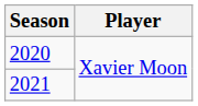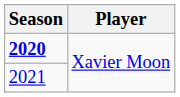 <table class="wikitable">
 <tr>
 <th>Season</th>
 <th>Player</th>
 </tr>
 <tr>
-<td><a href='#'>2020</a></td>
+<td><strong><a href='#'>2020</a></strong></td>
 <td rowspan="2"><a href='#'>Xavier Moon</a></td>
 </tr>
 <tr>
 <td><a href='#'>2021</a></td>
 </tr>
 </table>
